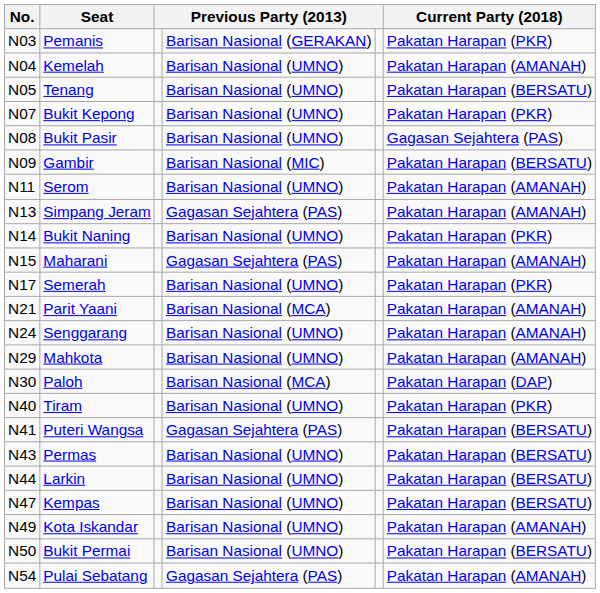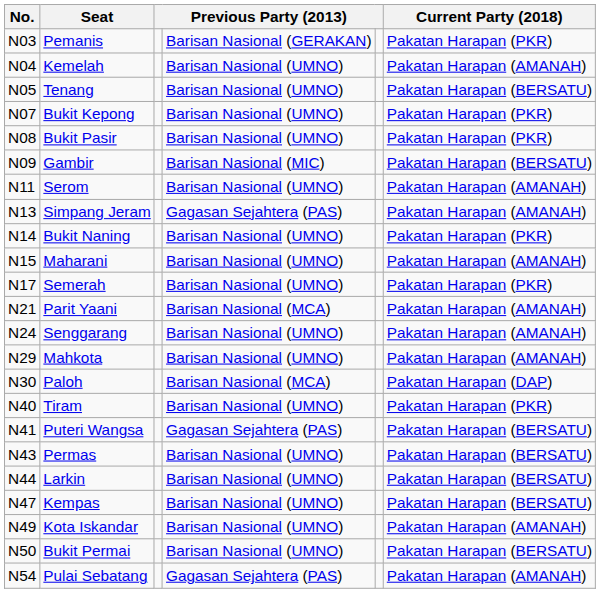 <table class="wikitable sortable" style="font-size:95%;">
 <tr>
 <th scope="col">No.</th>
 <th scope="col">Seat</th>
 <th colspan="3" scope="col">Previous Party (2013)</th>
 <th colspan="3" scope="col">Current Party (2018)</th>
 </tr>
 <tr>
 <td>N03</td>
 <td> <a href='#'>Pemanis</a></td>
 <td width="1"></td>
 <td><a href='#'>Barisan Nasional</a> (<a href='#'>GERAKAN</a>)</td>
 <td width="1"></td>
 <td><a href='#'>Pakatan Harapan</a> (<a href='#'>PKR</a>)</td>
 </tr>
 <tr>
 <td>N04</td>
 <td> <a href='#'>Kemelah</a></td>
 <td width="1"></td>
 <td><a href='#'>Barisan Nasional</a> (<a href='#'>UMNO</a>)</td>
 <td width="1"></td>
 <td><a href='#'>Pakatan Harapan</a> (<a href='#'>AMANAH</a>)</td>
 </tr>
 <tr>
 <td>N05</td>
 <td> <a href='#'>Tenang</a></td>
 <td width="1"></td>
 <td><a href='#'>Barisan Nasional</a> (<a href='#'>UMNO</a>)</td>
 <td width="1"></td>
 <td><a href='#'>Pakatan Harapan</a> (<a href='#'>BERSATU</a>)</td>
 </tr>
 <tr>
 <td>N07</td>
 <td> <a href='#'>Bukit Kepong</a></td>
 <td width="1"></td>
 <td><a href='#'>Barisan Nasional</a> (<a href='#'>UMNO</a>)</td>
 <td width="1"></td>
 <td><a href='#'>Pakatan Harapan</a> (<a href='#'>PKR</a>)</td>
 </tr>
 <tr>
 <td>N08</td>
 <td> <a href='#'>Bukit Pasir</a></td>
 <td width="1"></td>
 <td><a href='#'>Barisan Nasional</a> (<a href='#'>UMNO</a>)</td>
 <td width="1"></td>
-<td><a href='#'>Gagasan Sejahtera</a> (<a href='#'>PAS</a>)</td>
+<td><a href='#'>Pakatan Harapan</a> (<a href='#'>PKR</a>)</td>
 </tr>
 <tr>
 <td>N09</td>
 <td> <a href='#'>Gambir</a></td>
 <td width="1"></td>
 <td><a href='#'>Barisan Nasional</a> (<a href='#'>MIC</a>)</td>
 <td width="1"></td>
 <td><a href='#'>Pakatan Harapan</a> (<a href='#'>BERSATU</a>)</td>
 </tr>
 <tr>
 <td>N11</td>
 <td> <a href='#'>Serom</a></td>
 <td width="1"></td>
 <td><a href='#'>Barisan Nasional</a> (<a href='#'>UMNO</a>)</td>
 <td width="1"></td>
 <td><a href='#'>Pakatan Harapan</a> (<a href='#'>AMANAH</a>)</td>
 </tr>
 <tr>
 <td>N13</td>
 <td> <a href='#'>Simpang Jeram</a></td>
 <td width="1"></td>
 <td><a href='#'>Gagasan Sejahtera</a> (<a href='#'>PAS</a>)</td>
 <td width="1"></td>
 <td><a href='#'>Pakatan Harapan</a> (<a href='#'>AMANAH</a>)</td>
 </tr>
 <tr>
 <td>N14</td>
 <td> <a href='#'>Bukit Naning</a></td>
 <td width="1"></td>
 <td><a href='#'>Barisan Nasional</a> (<a href='#'>UMNO</a>)</td>
 <td width="1"></td>
 <td><a href='#'>Pakatan Harapan</a> (<a href='#'>PKR</a>)</td>
 </tr>
 <tr>
 <td>N15</td>
 <td> <a href='#'>Maharani</a></td>
 <td width="1"></td>
-<td><a href='#'>Gagasan Sejahtera</a> (<a href='#'>PAS</a>)</td>
+<td><a href='#'>Barisan Nasional</a> (<a href='#'>UMNO</a>)</td>
 <td width="1"></td>
 <td><a href='#'>Pakatan Harapan</a> (<a href='#'>AMANAH</a>)</td>
 </tr>
 <tr>
 <td>N17</td>
 <td> <a href='#'>Semerah</a></td>
 <td width="1"></td>
 <td><a href='#'>Barisan Nasional</a> (<a href='#'>UMNO</a>)</td>
 <td width="1"></td>
 <td><a href='#'>Pakatan Harapan</a> (<a href='#'>PKR</a>)</td>
 </tr>
 <tr>
 <td>N21</td>
 <td> <a href='#'>Parit Yaani</a></td>
 <td width="1"></td>
 <td><a href='#'>Barisan Nasional</a> (<a href='#'>MCA</a>)</td>
 <td width="1"></td>
 <td><a href='#'>Pakatan Harapan</a> (<a href='#'>AMANAH</a>)</td>
 </tr>
 <tr>
 <td>N24</td>
 <td> <a href='#'>Senggarang</a></td>
 <td width="1"></td>
 <td><a href='#'>Barisan Nasional</a> (<a href='#'>UMNO</a>)</td>
 <td width="1"></td>
 <td><a href='#'>Pakatan Harapan</a> (<a href='#'>AMANAH</a>)</td>
 </tr>
 <tr>
 <td>N29</td>
 <td> <a href='#'>Mahkota</a></td>
 <td width="1"></td>
 <td><a href='#'>Barisan Nasional</a> (<a href='#'>UMNO</a>)</td>
 <td width="1"></td>
 <td><a href='#'>Pakatan Harapan</a> (<a href='#'>AMANAH</a>)</td>
 </tr>
 <tr>
 <td>N30</td>
 <td> <a href='#'>Paloh</a></td>
 <td width="1"></td>
 <td><a href='#'>Barisan Nasional</a> (<a href='#'>MCA</a>)</td>
 <td width="1"></td>
 <td><a href='#'>Pakatan Harapan</a> (<a href='#'>DAP</a>)</td>
 </tr>
 <tr>
 <td>N40</td>
 <td> <a href='#'>Tiram</a></td>
 <td width="1"></td>
 <td><a href='#'>Barisan Nasional</a> (<a href='#'>UMNO</a>)</td>
 <td width="1"></td>
 <td><a href='#'>Pakatan Harapan</a> (<a href='#'>PKR</a>)</td>
 </tr>
 <tr>
 <td>N41</td>
 <td> <a href='#'>Puteri Wangsa</a></td>
 <td width="1"></td>
 <td><a href='#'>Gagasan Sejahtera</a> (<a href='#'>PAS</a>)</td>
 <td width="1"></td>
 <td><a href='#'>Pakatan Harapan</a> (<a href='#'>BERSATU</a>)</td>
 </tr>
 <tr>
 <td>N43</td>
 <td> <a href='#'>Permas</a></td>
 <td width="1"></td>
 <td><a href='#'>Barisan Nasional</a> (<a href='#'>UMNO</a>)</td>
 <td width="1"></td>
 <td><a href='#'>Pakatan Harapan</a> (<a href='#'>BERSATU</a>)</td>
 </tr>
 <tr>
 <td>N44</td>
 <td> <a href='#'>Larkin</a></td>
 <td width="1"></td>
 <td><a href='#'>Barisan Nasional</a> (<a href='#'>UMNO</a>)</td>
 <td width="1"></td>
 <td><a href='#'>Pakatan Harapan</a> (<a href='#'>BERSATU</a>)</td>
 </tr>
 <tr>
 <td>N47</td>
 <td> <a href='#'>Kempas</a></td>
 <td width="1"></td>
 <td><a href='#'>Barisan Nasional</a> (<a href='#'>UMNO</a>)</td>
 <td width="1"></td>
 <td><a href='#'>Pakatan Harapan</a> (<a href='#'>BERSATU</a>)</td>
 </tr>
 <tr>
 <td>N49</td>
 <td> <a href='#'>Kota Iskandar</a></td>
 <td width="1"></td>
 <td><a href='#'>Barisan Nasional</a> (<a href='#'>UMNO</a>)</td>
 <td width="1"></td>
 <td><a href='#'>Pakatan Harapan</a> (<a href='#'>AMANAH</a>)</td>
 </tr>
 <tr>
 <td>N50</td>
 <td> <a href='#'>Bukit Permai</a></td>
 <td width="1"></td>
 <td><a href='#'>Barisan Nasional</a> (<a href='#'>UMNO</a>)</td>
 <td width="1"></td>
 <td><a href='#'>Pakatan Harapan</a> (<a href='#'>BERSATU</a>)</td>
 </tr>
 <tr>
 <td>N54</td>
 <td> <a href='#'>Pulai Sebatang</a></td>
 <td width="1"></td>
 <td><a href='#'>Gagasan Sejahtera</a> (<a href='#'>PAS</a>)</td>
 <td width="1"></td>
 <td><a href='#'>Pakatan Harapan</a> (<a href='#'>AMANAH</a>)</td>
 </tr>
 </table>
